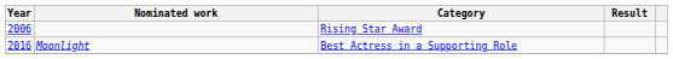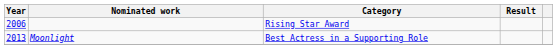 <table class="wikitable">
 <tr>
 <th scope="col" style="width:1em;">Year</th>
 <th scope="col" style="width:35em;">Nominated work</th>
 <th scope="col" style="width:35em;">Category</th>
 <th scope="col" style="width:5em;">Result</th>
 <th scope="col" style="width:1em;"></th>
 </tr>
 <tr>
 <td><a href='#'>2006</a></td>
 <td></td>
 <td><a href='#'>Rising Star Award</a></td>
 <td></td>
 <td></td>
 </tr>
 <tr>
-<td><a href='#'>2016</a></td>
+<td><a href='#'>2013</a></td>
 <td><em><a href='#'>Moonlight</a></em></td>
 <td><a href='#'>Best Actress in a Supporting Role</a></td>
 <td></td>
 <td></td>
 </tr>
 <tr>
 </tr>
 </table>
